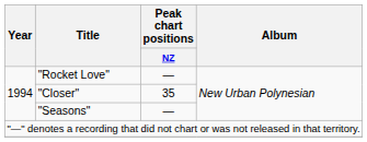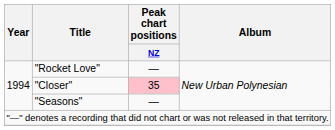 <table class="wikitable plainrowheaders">
 <tr>
 <th rowspan="2"  width="1em">Year</th>
 <th rowspan="2">Title</th>
 <th width="3em">Peak chart positions</th>
 <th rowspan="2">Album</th>
 </tr>
 <tr>
 <th><small><a href='#'>NZ</a></small></th>
 </tr>
 <tr>
 <td rowspan="3">1994</td>
 <td>"Rocket Love"</td>
 <td align="center">—</td>
 <td rowspan="3"><em>New Urban Polynesian</em></td>
 </tr>
 <tr>
 <td>"Closer"</td>
-<td align="center">35</td>
+<td align="center" style="background: pink;">35</td>
 </tr>
 <tr>
 <td>"Seasons"</td>
 <td align="center">—</td>
 </tr>
 <tr>
 <td colspan="4" style="font-size:90%" align="center">"—" denotes a recording that did not chart or was not released in that territory.</td>
 </tr>
 <tr>
 </tr>
 </table>
